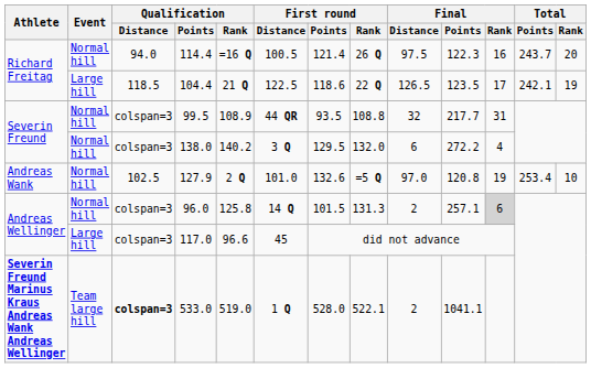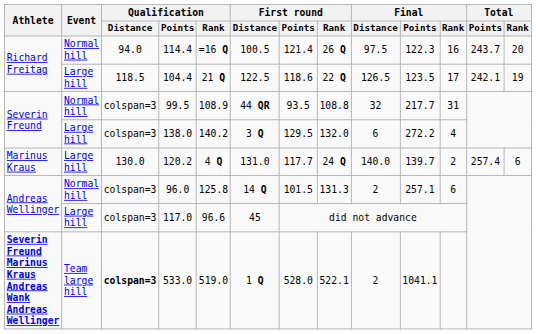 <table class="wikitable" style="font-size:90%">
 <tr>
 <th rowspan=2>Athlete</th>
 <th rowspan=2>Event</th>
 <th colspan=3>Qualification</th>
 <th colspan=3>First round</th>
 <th colspan=3>Final</th>
 <th colspan=2>Total</th>
 </tr>
 <tr style="font-size:95%">
 <th>Distance</th>
 <th>Points</th>
 <th>Rank</th>
 <th>Distance</th>
 <th>Points</th>
 <th>Rank</th>
 <th>Distance</th>
 <th>Points</th>
 <th>Rank</th>
 <th>Points</th>
 <th>Rank</th>
 </tr>
 <tr align=center>
 <td align=left rowspan=2><a href='#'>Richard Freitag</a></td>
 <td align=left><a href='#'>Normal hill</a></td>
 <td>94.0</td>
 <td>114.4</td>
 <td>=16 <strong>Q</strong></td>
 <td>100.5</td>
 <td>121.4</td>
 <td>26 <strong>Q</strong></td>
 <td>97.5</td>
 <td>122.3</td>
 <td>16</td>
 <td>243.7</td>
 <td>20</td>
 </tr>
 <tr align=center>
 <td align=left><a href='#'>Large hill</a></td>
 <td>118.5</td>
 <td>104.4</td>
 <td>21 <strong>Q</strong></td>
 <td>122.5</td>
 <td>118.6</td>
 <td>22 <strong>Q</strong></td>
 <td>126.5</td>
 <td>123.5</td>
 <td>17</td>
 <td>242.1</td>
 <td>19</td>
 </tr>
 <tr align=center>
 <td align=left rowspan=2><a href='#'>Severin Freund</a></td>
 <td align=left><a href='#'>Normal hill</a></td>
 <td>colspan=3 </td>
 <td>99.5</td>
 <td>108.9</td>
 <td>44 <strong>QR</strong></td>
 <td>93.5</td>
 <td>108.8</td>
 <td>32</td>
 <td>217.7</td>
 <td>31</td>
 </tr>
 <tr align=center>
-<td align=left><a href='#'>Normal hill</a></td>
+<td align=left><a href='#'>Large hill</a></td>
 <td>colspan=3 </td>
 <td>138.0</td>
 <td>140.2</td>
 <td>3 <strong>Q</strong></td>
 <td>129.5</td>
 <td>132.0</td>
 <td>6</td>
 <td>272.2</td>
 <td>4</td>
 </tr>
 <tr align=center>
-<td align=left><a href='#'>Andreas Wank</a></td>
-<td align=left><a href='#'>Normal hill</a></td>
-<td>102.5</td>
-<td>127.9</td>
-<td>2 <strong>Q</strong></td>
-<td>101.0</td>
-<td>132.6</td>
-<td>=5 <strong>Q</strong></td>
-<td>97.0</td>
-<td>120.8</td>
-<td>19</td>
-<td>253.4</td>
-<td>10</td>
+<td align=left><a href='#'>Marinus Kraus</a></td>
+<td align=left><a href='#'>Large hill</a></td>
+<td>130.0</td>
+<td>120.2</td>
+<td>4 <strong>Q</strong></td>
+<td>131.0</td>
+<td>117.7</td>
+<td>24 <strong>Q</strong></td>
+<td>140.0</td>
+<td>139.7</td>
+<td>2</td>
+<td>257.4</td>
+<td>6</td>
 </tr>
 <tr align=center>
 <td align=left rowspan=2><a href='#'>Andreas Wellinger</a></td>
 <td align=left><a href='#'>Normal hill</a></td>
 <td>colspan=3 </td>
 <td>96.0</td>
 <td>125.8</td>
 <td>14 <strong>Q</strong></td>
 <td>101.5</td>
 <td>131.3</td>
 <td>2</td>
 <td>257.1</td>
-<td style="background: lightgrey;">6</td>
+<td>6</td>
 </tr>
 <tr align=center>
 <td align=left><a href='#'>Large hill</a></td>
 <td>colspan=3 </td>
 <td>117.0</td>
 <td>96.6</td>
 <td>45</td>
 <td colspan=5>did not advance</td>
 </tr>
 <tr align=center>
 <td align=left><strong><a href='#'>Severin Freund</a><br><a href='#'>Marinus Kraus</a><br><a href='#'>Andreas Wank</a><br><a href='#'>Andreas Wellinger</a></strong></td>
 <td align=left><a href='#'>Team large hill</a></td>
 <td><strong>colspan=3 </strong></td>
 <td>533.0</td>
 <td>519.0</td>
 <td>1 <strong>Q</strong></td>
 <td>528.0</td>
 <td>522.1</td>
 <td>2</td>
 <td>1041.1</td>
 <td></td>
 </tr>
 </table>
